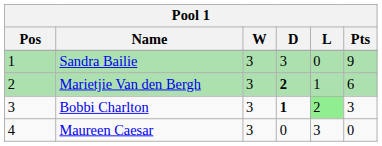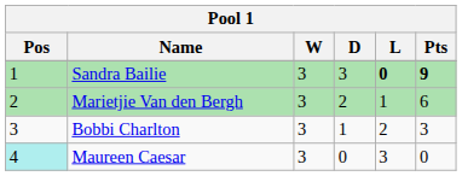 <table class="wikitable">
 <tr>
 <th colspan="6">Pool 1</th>
 </tr>
 <tr>
 <th width=50>Pos</th>
 <th width=200>Name</th>
 <th width=30>W</th>
 <th width=30>D</th>
 <th width=30>L</th>
 <th width=30>Pts</th>
 </tr>
 <tr>
 </tr>
 <tr style="background:#ACE1AF;">
 <td>1</td>
 <td> <a href='#'>Sandra Bailie</a></td>
 <td>3</td>
 <td>3</td>
-<td>0</td>
-<td>9</td>
+<td><strong>0</strong></td>
+<td><strong>9</strong></td>
 </tr>
 <tr style="background:#ACE1AF;">
 <td>2</td>
 <td> <a href='#'>Marietjie Van den Bergh</a></td>
 <td>3</td>
-<td><strong>2</strong></td>
+<td>2</td>
 <td>1</td>
 <td>6</td>
 </tr>
 <tr>
 <td>3</td>
 <td> <a href='#'>Bobbi Charlton</a></td>
 <td>3</td>
-<td><strong>1</strong></td>
-<td style="background: lightgreen;">2</td>
+<td>1</td>
+<td>2</td>
 <td>3</td>
 </tr>
 <tr>
-<td>4</td>
+<td style="background: paleturquoise;">4</td>
 <td> <a href='#'>Maureen Caesar</a></td>
 <td>3</td>
 <td>0</td>
 <td>3</td>
 <td>0</td>
 </tr>
 </table>
